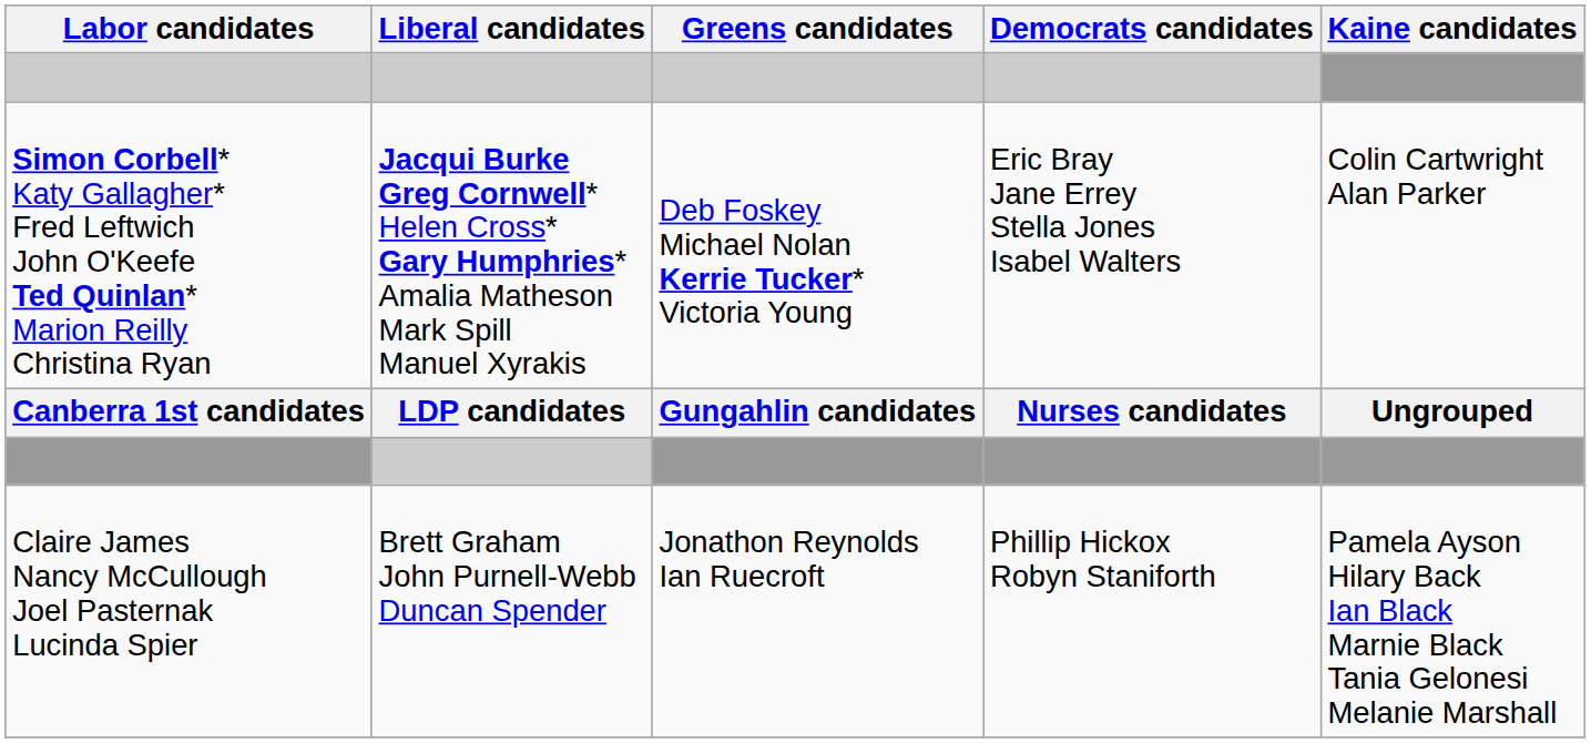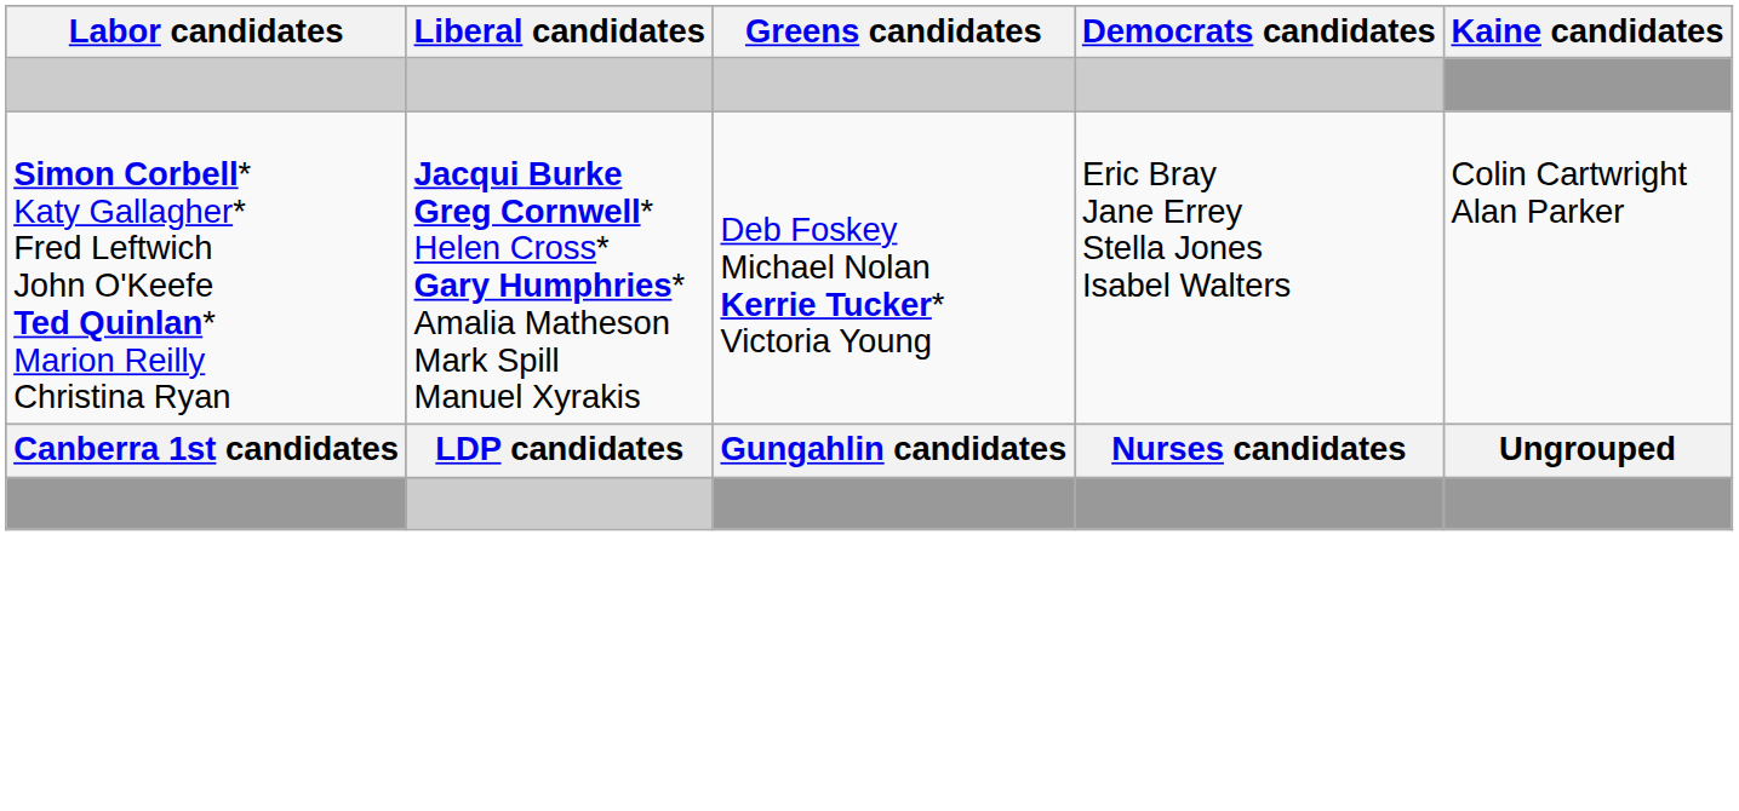 <table class="wikitable">
 <tr>
 <th><a href='#'>Labor</a> candidates</th>
 <th><a href='#'>Liberal</a> candidates</th>
 <th><a href='#'>Greens</a> candidates</th>
 <th><a href='#'>Democrats</a> candidates</th>
 <th><a href='#'>Kaine</a> candidates</th>
 </tr>
 <tr style="background:#ccc;">
 <td></td>
 <td></td>
 <td></td>
 <td></td>
 <td style="background:#999;"> </td>
 </tr>
 <tr>
 <td><br><strong><a href='#'>Simon Corbell</a></strong>* <br> <a href='#'>Katy Gallagher</a>* <br> Fred Leftwich <br> John O'Keefe <br> <strong><a href='#'>Ted Quinlan</a></strong>* <br> <a href='#'>Marion Reilly</a> <br> Christina Ryan</td>
 <td><br><strong><a href='#'>Jacqui Burke</a></strong> <br> <strong><a href='#'>Greg Cornwell</a></strong>* <br> <a href='#'>Helen Cross</a>* <br> <strong><a href='#'>Gary Humphries</a></strong>* <br> Amalia Matheson <br> Mark Spill <br> Manuel Xyrakis</td>
 <td><br><a href='#'>Deb Foskey</a> <br> Michael Nolan <br> <strong><a href='#'>Kerrie Tucker</a></strong>* <br> Victoria Young</td>
 <td valign=top><br>Eric Bray <br> Jane Errey <br> Stella Jones <br> Isabel Walters</td>
 <td valign=top><br>Colin Cartwright <br> Alan Parker</td>
 </tr>
 <tr style="background:#ccc;">
 <th><a href='#'>Canberra 1st</a> candidates</th>
 <th><a href='#'>LDP</a> candidates</th>
 <th><a href='#'>Gungahlin</a> candidates</th>
 <th><a href='#'>Nurses</a> candidates</th>
 <th>Ungrouped</th>
 </tr>
 <tr style="background:#ccc;">
 <td style="background:#999;"></td>
 <td></td>
 <td style="background:#999;"></td>
 <td style="background:#999;"></td>
 <td style="background:#999;"> </td>
 </tr>
-<tr>
-<td valign=top><br>Claire James <br> Nancy McCullough <br> Joel Pasternak <br> Lucinda Spier</td>
-<td valign=top><br>Brett Graham <br> John Purnell-Webb <br> <a href='#'>Duncan Spender</a></td>
-<td valign=top><br>Jonathon Reynolds <br> Ian Ruecroft</td>
-<td valign=top><br>Phillip Hickox <br> Robyn Staniforth</td>
-<td valign=top><br>Pamela Ayson <br> Hilary Back <br> <a href='#'>Ian Black</a> <br> Marnie Black <br> Tania Gelonesi  <br> Melanie Marshall</td>
-</tr>
 </table>
